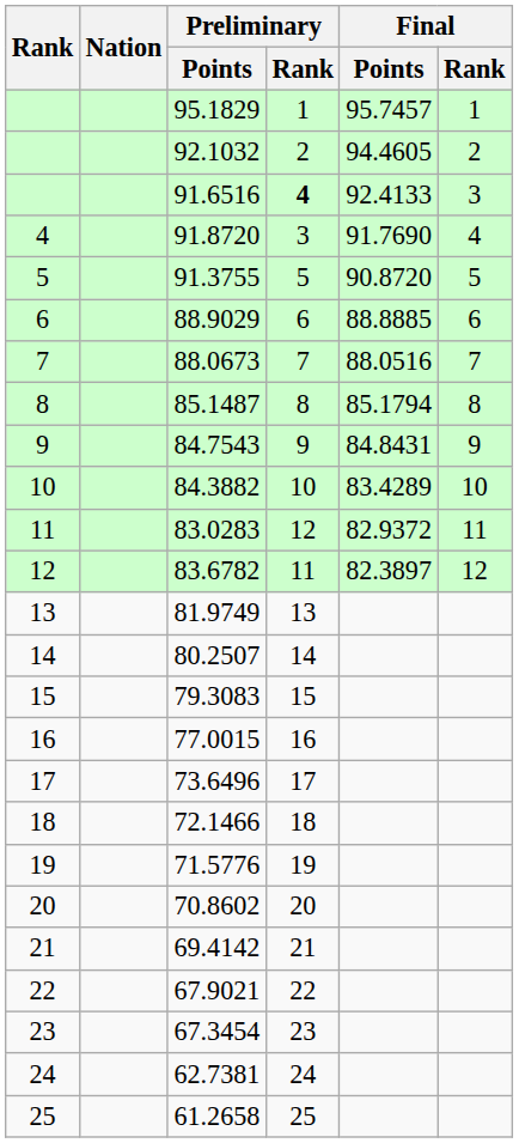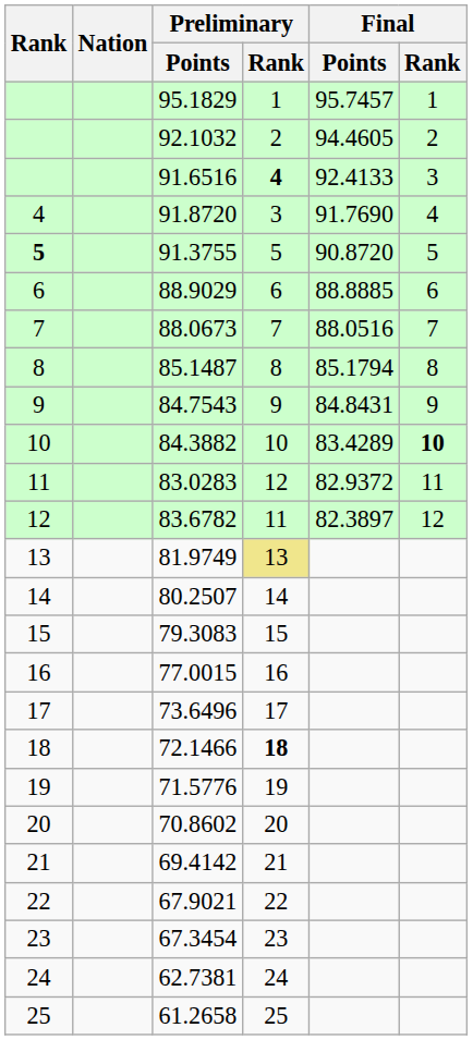 <table class="wikitable sortable" style="text-align:center">
 <tr>
 <th rowspan=2>Rank</th>
 <th rowspan=2>Nation</th>
 <th colspan=2>Preliminary</th>
 <th colspan=2>Final</th>
 </tr>
 <tr>
 <th>Points</th>
 <th>Rank</th>
 <th>Points</th>
 <th>Rank</th>
 </tr>
 <tr bgcolor=ccffcc>
 <td></td>
 <td align=left></td>
 <td>95.1829</td>
 <td>1</td>
 <td>95.7457</td>
 <td>1</td>
 </tr>
 <tr bgcolor=ccffcc>
 <td></td>
 <td align=left></td>
 <td>92.1032</td>
 <td>2</td>
 <td>94.4605</td>
 <td>2</td>
 </tr>
 <tr bgcolor=ccffcc>
 <td></td>
 <td align=left></td>
 <td>91.6516</td>
 <td><strong>4</strong></td>
 <td>92.4133</td>
 <td>3</td>
 </tr>
 <tr bgcolor=ccffcc>
 <td>4</td>
 <td align=left></td>
 <td>91.8720</td>
 <td>3</td>
 <td>91.7690</td>
 <td>4</td>
 </tr>
 <tr bgcolor=ccffcc>
-<td>5</td>
+<td><strong>5</strong></td>
 <td align=left></td>
 <td>91.3755</td>
 <td>5</td>
 <td>90.8720</td>
 <td>5</td>
 </tr>
 <tr bgcolor=ccffcc>
 <td>6</td>
 <td align=left></td>
 <td>88.9029</td>
 <td>6</td>
 <td>88.8885</td>
 <td>6</td>
 </tr>
 <tr bgcolor=ccffcc>
 <td>7</td>
 <td align=left></td>
 <td>88.0673</td>
 <td>7</td>
 <td>88.0516</td>
 <td>7</td>
 </tr>
 <tr bgcolor=ccffcc>
 <td>8</td>
 <td align=left></td>
 <td>85.1487</td>
 <td>8</td>
 <td>85.1794</td>
 <td>8</td>
 </tr>
 <tr bgcolor=ccffcc>
 <td>9</td>
 <td align=left></td>
 <td>84.7543</td>
 <td>9</td>
 <td>84.8431</td>
 <td>9</td>
 </tr>
 <tr bgcolor=ccffcc>
 <td>10</td>
 <td align=left></td>
 <td>84.3882</td>
 <td>10</td>
 <td>83.4289</td>
-<td>10</td>
+<td><strong>10</strong></td>
 </tr>
 <tr bgcolor=ccffcc>
 <td>11</td>
 <td align=left></td>
 <td>83.0283</td>
 <td>12</td>
 <td>82.9372</td>
 <td>11</td>
 </tr>
 <tr bgcolor=ccffcc>
 <td>12</td>
 <td align=left></td>
 <td>83.6782</td>
 <td>11</td>
 <td>82.3897</td>
 <td>12</td>
 </tr>
 <tr>
 <td>13</td>
 <td align=left></td>
 <td>81.9749</td>
-<td>13</td>
+<td style="background: khaki;">13</td>
 <td></td>
 <td></td>
 </tr>
 <tr>
 <td>14</td>
 <td align=left></td>
 <td>80.2507</td>
 <td>14</td>
 <td></td>
 <td></td>
 </tr>
 <tr>
 <td>15</td>
 <td align=left></td>
 <td>79.3083</td>
 <td>15</td>
 <td></td>
 <td></td>
 </tr>
 <tr>
 <td>16</td>
 <td align=left></td>
 <td>77.0015</td>
 <td>16</td>
 <td></td>
 <td></td>
 </tr>
 <tr>
 <td>17</td>
 <td align=left></td>
 <td>73.6496</td>
 <td>17</td>
 <td></td>
 <td></td>
 </tr>
 <tr>
 <td>18</td>
 <td align=left></td>
 <td>72.1466</td>
-<td>18</td>
+<td><strong>18</strong></td>
 <td></td>
 <td></td>
 </tr>
 <tr>
 <td>19</td>
 <td align=left></td>
 <td>71.5776</td>
 <td>19</td>
 <td></td>
 <td></td>
 </tr>
 <tr>
 <td>20</td>
 <td align=left></td>
 <td>70.8602</td>
 <td>20</td>
 <td></td>
 <td></td>
 </tr>
 <tr>
 <td>21</td>
 <td align=left></td>
 <td>69.4142</td>
 <td>21</td>
 <td></td>
 <td></td>
 </tr>
 <tr>
 <td>22</td>
 <td align=left></td>
 <td>67.9021</td>
 <td>22</td>
 <td></td>
 <td></td>
 </tr>
 <tr>
 <td>23</td>
 <td align=left></td>
 <td>67.3454</td>
 <td>23</td>
 <td></td>
 <td></td>
 </tr>
 <tr>
 <td>24</td>
 <td align=left></td>
 <td>62.7381</td>
 <td>24</td>
 <td></td>
 <td></td>
 </tr>
 <tr>
 <td>25</td>
 <td align=left></td>
 <td>61.2658</td>
 <td>25</td>
 <td></td>
 <td></td>
 </tr>
 </table>
